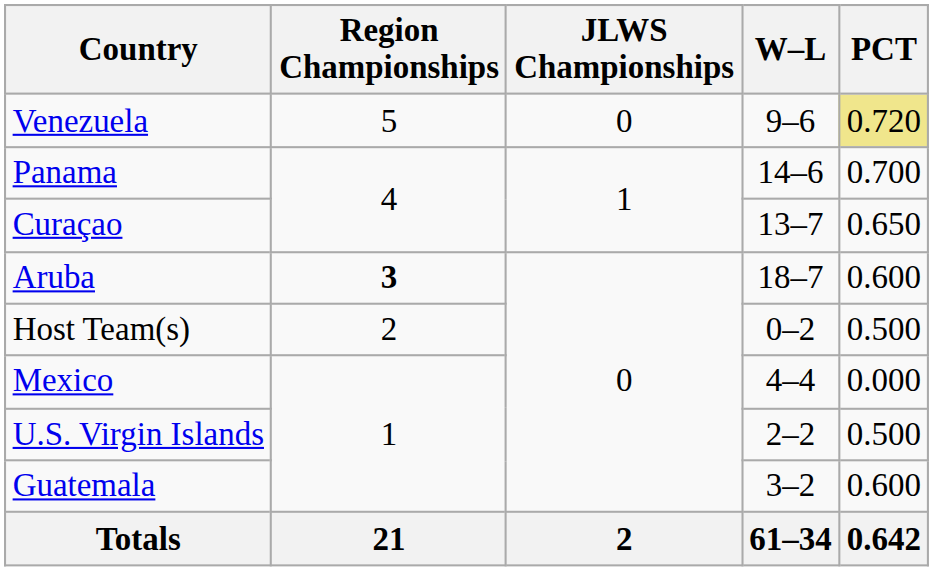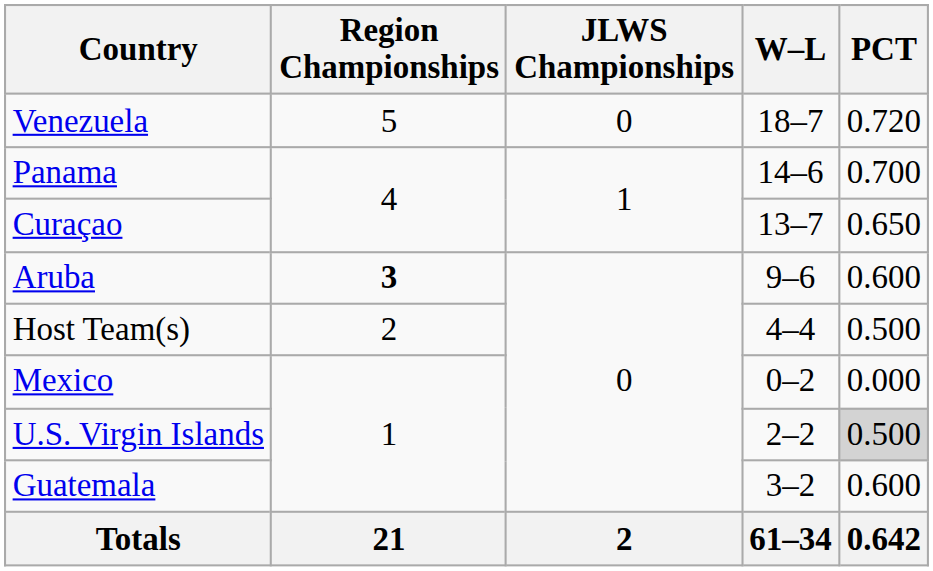 <table class="wikitable">
 <tr>
 <th>Country</th>
 <th>Region<br>Championships</th>
 <th>JLWS<br>Championships</th>
 <th>W–L</th>
 <th>PCT</th>
 </tr>
 <tr>
 <td> <a href='#'>Venezuela</a></td>
 <td align=center>5</td>
 <td align=center>0</td>
-<td align=center>9–6</td>
-<td align=center style="background: khaki;">0.720</td>
+<td align=center>18–7</td>
+<td align=center>0.720</td>
 </tr>
 <tr>
 <td> <a href='#'>Panama</a></td>
 <td align=center rowspan=2>4</td>
 <td align=center rowspan=2>1</td>
 <td align=center>14–6</td>
 <td align=center>0.700</td>
 </tr>
 <tr>
 <td> <a href='#'>Curaçao</a></td>
 <td align=center>13–7</td>
 <td align=center>0.650</td>
 </tr>
 <tr>
 <td> <a href='#'>Aruba</a></td>
 <td align=center><strong>3</strong></td>
 <td align=center rowspan=5>0</td>
-<td align=center>18–7</td>
+<td align=center>9–6</td>
 <td align=center>0.600</td>
 </tr>
 <tr>
 <td> Host Team(s)</td>
 <td align=center>2</td>
-<td align=center>0–2</td>
+<td align=center>4–4</td>
 <td align=center>0.500</td>
 </tr>
 <tr>
 <td> <a href='#'>Mexico</a></td>
 <td align=center rowspan=3>1</td>
-<td align=center>4–4</td>
+<td align=center>0–2</td>
 <td align=center>0.000</td>
 </tr>
 <tr>
 <td> <a href='#'>U.S. Virgin Islands</a></td>
 <td align=center>2–2</td>
-<td align=center>0.500</td>
+<td align=center style="background: lightgrey;">0.500</td>
 </tr>
 <tr>
 <td> <a href='#'>Guatemala</a></td>
 <td align=center>3–2</td>
 <td align=center>0.600</td>
 </tr>
 <tr>
 <th>Totals</th>
 <th>21</th>
 <th>2</th>
 <th>61–34</th>
 <th>0.642</th>
 </tr>
 </table>
